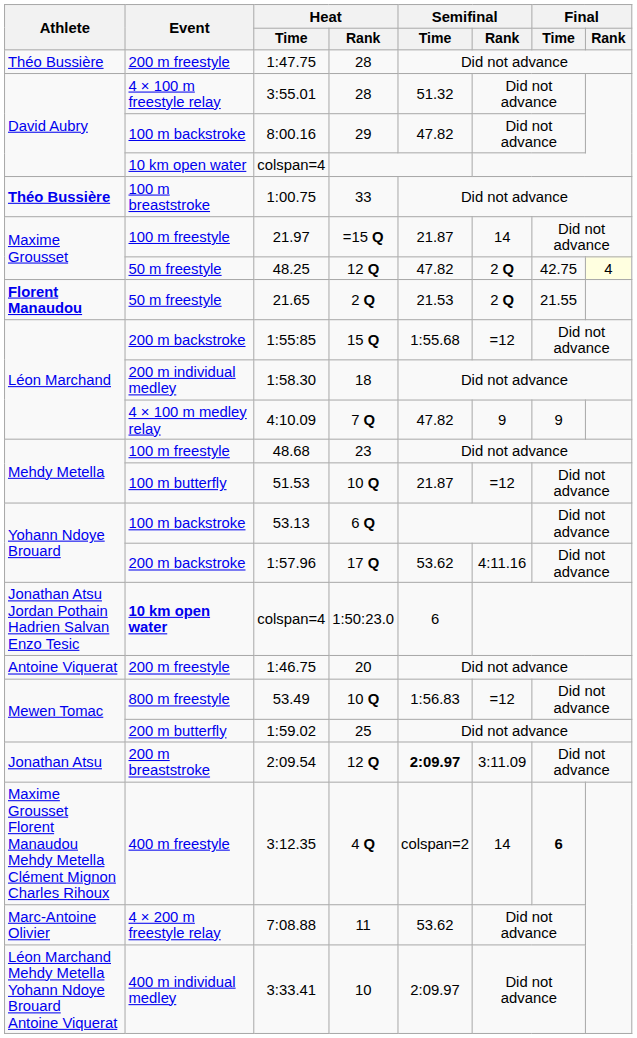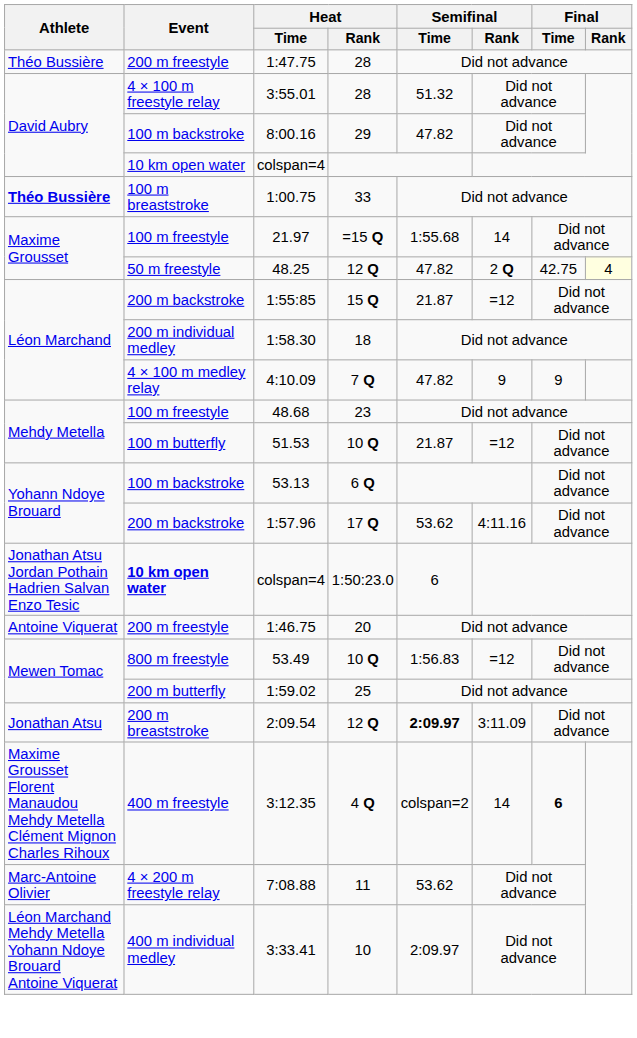 <table class=wikitable style="font-size:90%">
 <tr>
 <th rowspan="2">Athlete</th>
 <th rowspan="2">Event</th>
 <th colspan="2">Heat</th>
 <th colspan="2">Semifinal</th>
 <th colspan="2">Final</th>
 </tr>
 <tr style="font-size:95%">
 <th>Time</th>
 <th>Rank</th>
 <th>Time</th>
 <th>Rank</th>
 <th>Time</th>
 <th>Rank</th>
 </tr>
 <tr align=center>
 <td align=left><a href='#'>Théo Bussière</a></td>
 <td align=left><a href='#'>200 m freestyle</a></td>
 <td>1:47.75</td>
 <td>28</td>
 <td colspan="4">Did not advance</td>
 </tr>
 <tr align=center>
 <td align=left rowspan=3><a href='#'>David Aubry</a></td>
 <td align=left><a href='#'>4 × 100 m freestyle relay</a></td>
 <td>3:55.01</td>
 <td>28</td>
 <td>51.32</td>
 <td colspan="2">Did not advance</td>
 </tr>
 <tr align=center>
 <td align=left><a href='#'>100 m backstroke</a></td>
 <td>8:00.16</td>
 <td>29</td>
 <td>47.82</td>
 <td colspan="2">Did not advance</td>
 </tr>
 <tr align=center>
 <td align=left><a href='#'>10 km open water</a></td>
 <td>colspan=4 </td>
 <td colspan=2></td>
 </tr>
 <tr align=center>
 <td align=left><strong><a href='#'>Théo Bussière</a></strong></td>
 <td align=left><a href='#'>100 m breaststroke</a></td>
 <td>1:00.75</td>
 <td>33</td>
 <td colspan="4">Did not advance</td>
 </tr>
 <tr align=center>
 <td align=left rowspan=2><a href='#'>Maxime Grousset</a></td>
 <td align=left><a href='#'>100 m freestyle</a></td>
 <td>21.97</td>
 <td>=15 <strong>Q</strong></td>
-<td>21.87</td>
+<td>1:55.68</td>
 <td>14</td>
 <td colspan="2">Did not advance</td>
 </tr>
 <tr align=center>
 <td align=left><a href='#'>50 m freestyle</a></td>
 <td>48.25</td>
 <td>12 <strong>Q</strong></td>
 <td>47.82</td>
 <td>2 <strong>Q</strong></td>
 <td>42.75</td>
 <td style="background: lightyellow;">4</td>
 </tr>
 <tr align=center>
-<td align=left><strong><a href='#'>Florent Manaudou</a></strong></td>
-<td align=left><a href='#'>50 m freestyle</a></td>
-<td>21.65</td>
-<td>2 <strong>Q</strong></td>
-<td>21.53</td>
-<td>2 <strong>Q</strong></td>
-<td>21.55</td>
-<td></td>
-</tr>
-<tr align=center>
 <td align=left rowspan=3><a href='#'>Léon Marchand</a></td>
 <td align=left><a href='#'>200 m backstroke</a></td>
 <td>1:55:85</td>
 <td>15 <strong>Q</strong></td>
-<td>1:55.68</td>
+<td>21.87</td>
 <td>=12</td>
 <td colspan="2">Did not advance</td>
 </tr>
 <tr align=center>
 <td align=left><a href='#'>200 m individual medley</a></td>
 <td>1:58.30</td>
 <td>18</td>
 <td colspan="4">Did not advance</td>
 </tr>
 <tr align=center>
 <td align=left><a href='#'>4 × 100 m medley relay</a></td>
 <td>4:10.09</td>
 <td>7 <strong>Q</strong></td>
 <td>47.82</td>
 <td>9</td>
 <td>9</td>
 </tr>
 <tr align=center>
 <td align=left rowspan=2><a href='#'>Mehdy Metella</a></td>
 <td align=left><a href='#'>100 m freestyle</a></td>
 <td>48.68</td>
 <td>23</td>
 <td colspan="4">Did not advance</td>
 </tr>
 <tr align=center>
 <td align=left><a href='#'>100 m butterfly</a></td>
 <td>51.53</td>
 <td>10 <strong>Q</strong></td>
 <td>21.87</td>
 <td>=12</td>
 <td colspan="2">Did not advance</td>
 </tr>
 <tr align=center>
 <td align=left rowspan=2><a href='#'>Yohann Ndoye Brouard</a></td>
 <td align=left><a href='#'>100 m backstroke</a></td>
 <td>53.13</td>
 <td>6 <strong>Q</strong></td>
 <td colspan=2></td>
 <td colspan="2">Did not advance</td>
 </tr>
 <tr align=center>
 <td align=left><a href='#'>200 m backstroke</a></td>
 <td>1:57.96</td>
 <td>17 <strong>Q</strong></td>
 <td>53.62</td>
 <td>4:11.16</td>
 <td colspan="2">Did not advance</td>
 </tr>
 <tr align=center>
 <td align=left><a href='#'>Jonathan Atsu</a><br><a href='#'>Jordan Pothain</a><br><a href='#'>Hadrien Salvan</a><br><a href='#'>Enzo Tesic</a></td>
 <td align=left><strong><a href='#'>10 km open water</a></strong></td>
 <td>colspan=4 </td>
 <td>1:50:23.0</td>
 <td>6</td>
 </tr>
 <tr align=center>
 <td align=left><a href='#'>Antoine Viquerat</a></td>
 <td align=left><a href='#'>200 m freestyle</a></td>
 <td>1:46.75</td>
 <td>20</td>
 <td colspan="4">Did not advance</td>
 </tr>
 <tr align=center>
 <td align=left rowspan=2><a href='#'>Mewen Tomac</a></td>
 <td align=left><a href='#'>800 m freestyle</a></td>
 <td>53.49</td>
 <td>10 <strong>Q</strong></td>
 <td>1:56.83</td>
 <td>=12</td>
 <td colspan="2">Did not advance</td>
 </tr>
 <tr align=center>
 <td align=left><a href='#'>200 m butterfly</a></td>
 <td>1:59.02</td>
 <td>25</td>
 <td colspan="4">Did not advance</td>
 </tr>
 <tr align=center>
 <td align=left><a href='#'>Jonathan Atsu</a></td>
 <td align=left><a href='#'>200 m breaststroke</a></td>
 <td>2:09.54</td>
 <td>12 <strong>Q</strong></td>
 <td><strong>2:09.97</strong></td>
 <td>3:11.09</td>
 <td colspan="2">Did not advance</td>
 </tr>
 <tr align=center>
 <td align=left><a href='#'>Maxime Grousset</a><br><a href='#'>Florent Manaudou</a><br><a href='#'>Mehdy Metella</a><br><a href='#'>Clément Mignon</a><br><a href='#'>Charles Rihoux</a></td>
 <td align=left><a href='#'>400 m freestyle</a></td>
 <td>3:12.35</td>
 <td>4 <strong>Q</strong></td>
 <td>colspan=2 </td>
 <td>14</td>
 <td><strong>6</strong></td>
 </tr>
 <tr align=center>
 <td align=left><a href='#'>Marc-Antoine Olivier</a></td>
 <td align=left><a href='#'>4 × 200 m freestyle relay</a></td>
 <td>7:08.88</td>
 <td>11</td>
 <td>53.62</td>
 <td colspan="2">Did not advance</td>
 </tr>
 <tr align=center>
 <td align=left><a href='#'>Léon Marchand</a><br><a href='#'>Mehdy Metella</a><br><a href='#'>Yohann Ndoye Brouard</a><br><a href='#'>Antoine Viquerat</a></td>
 <td align=left><a href='#'>400 m individual medley</a></td>
 <td>3:33.41</td>
 <td>10</td>
 <td>2:09.97</td>
 <td colspan="2">Did not advance</td>
 </tr>
 </table>
